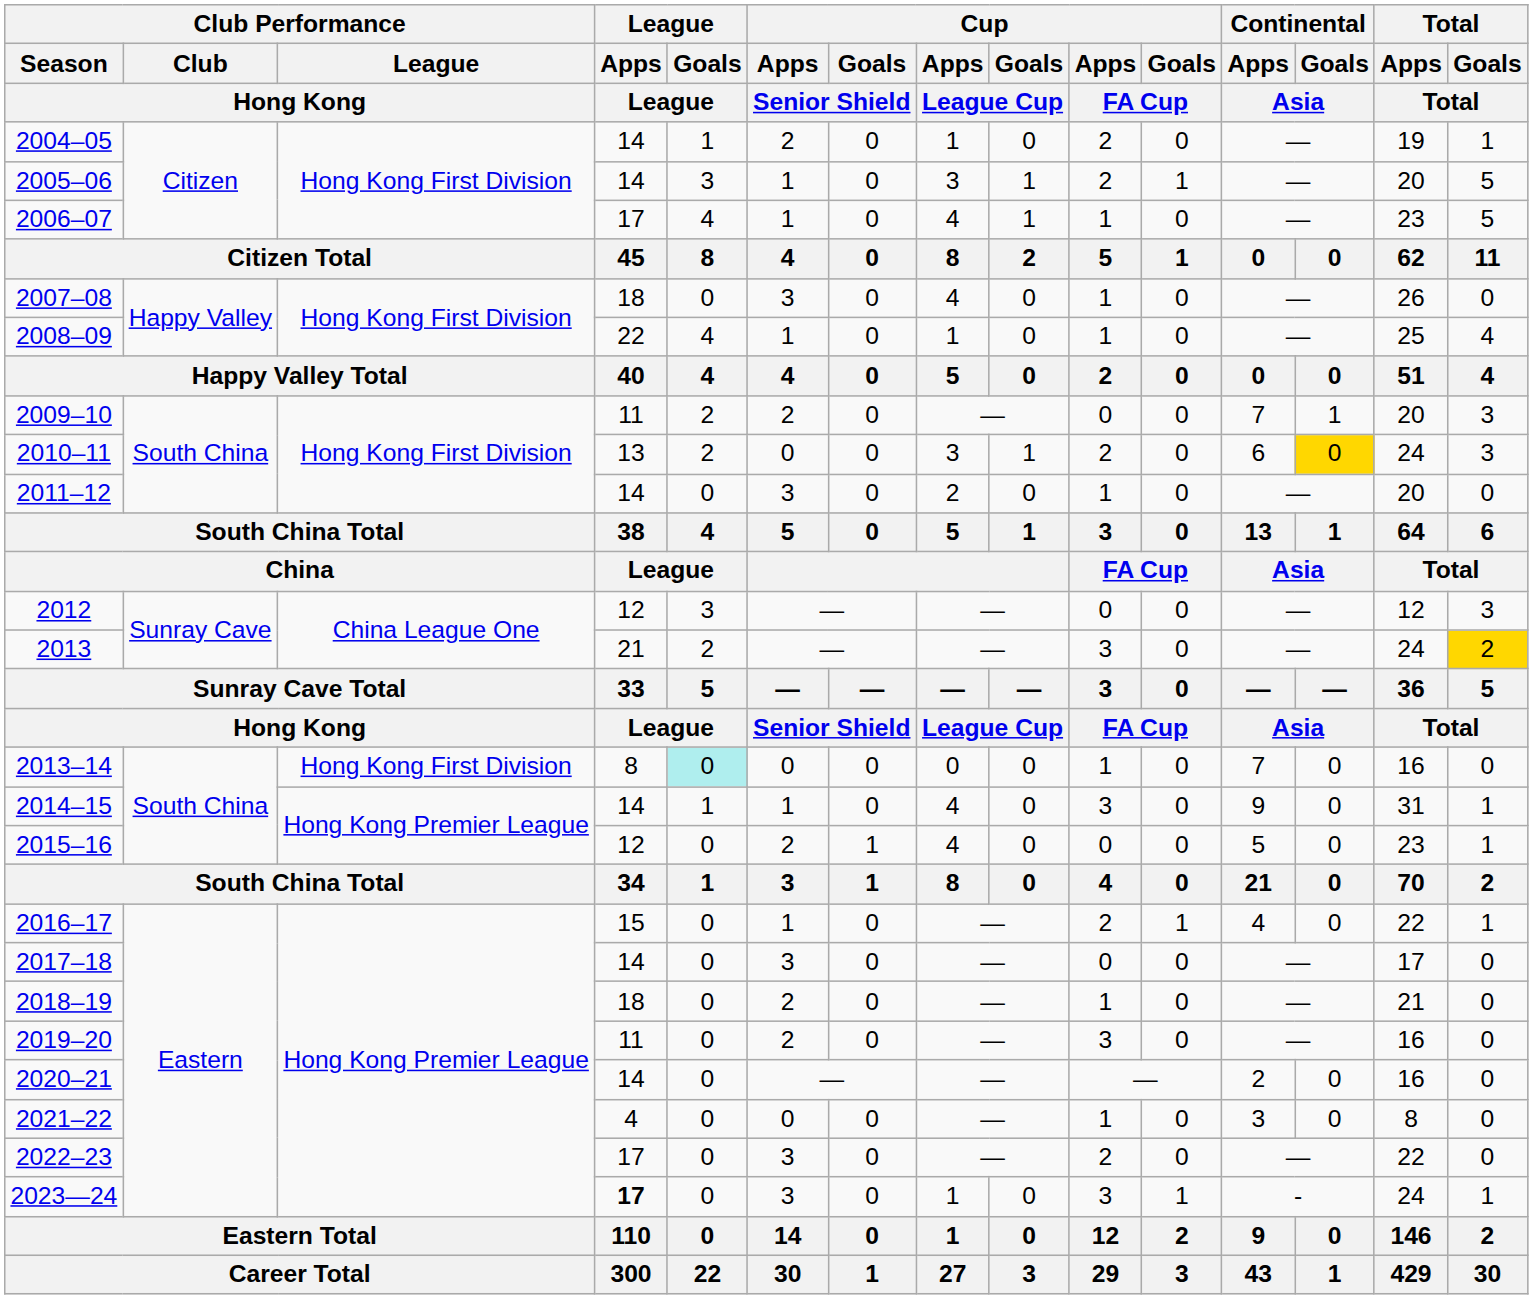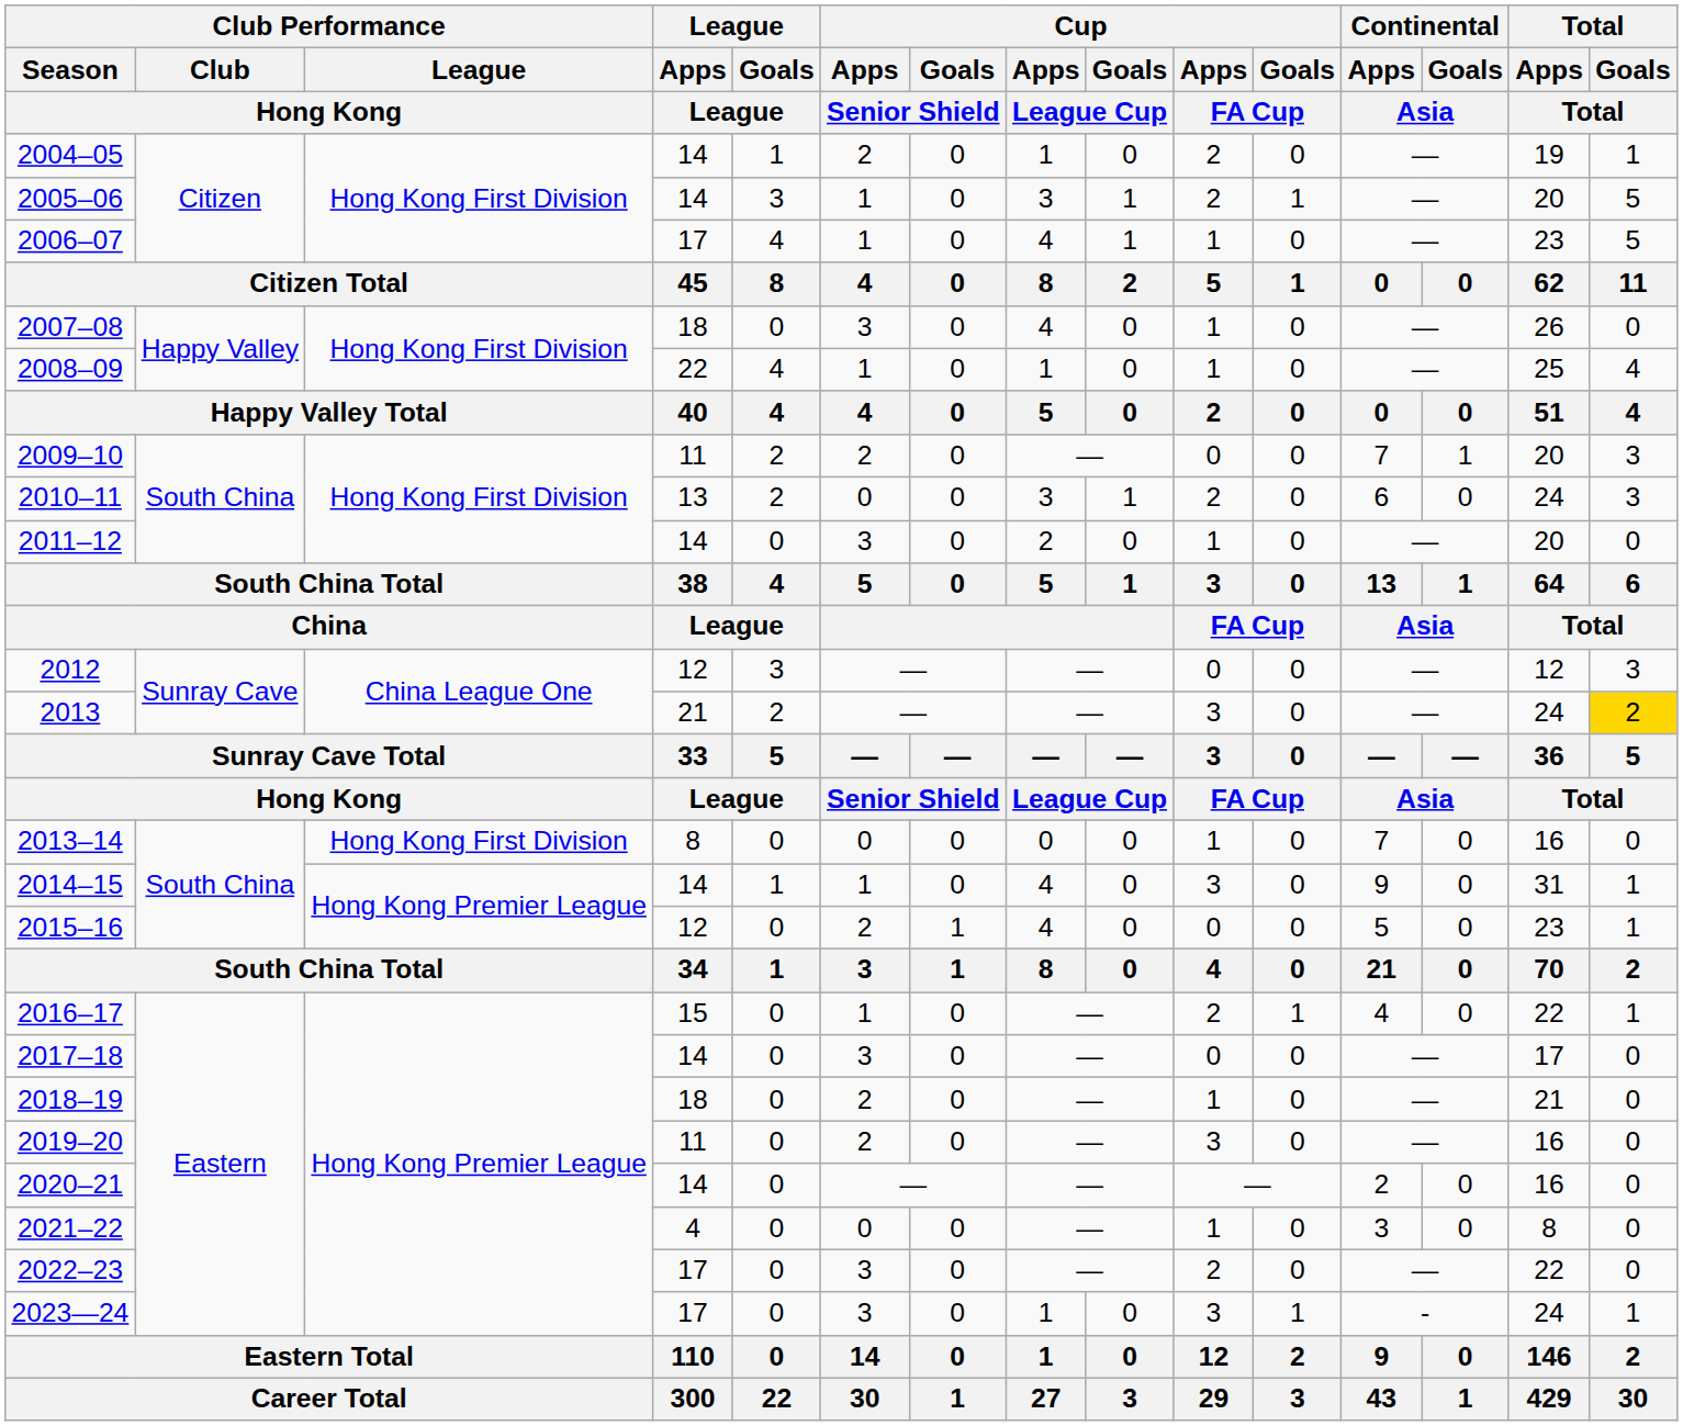 <table class="wikitable" style="text-align: center;">
 <tr>
 <th colspan="3">Club Performance</th>
 <th colspan="2">League</th>
 <th colspan="6">Cup</th>
 <th colspan="2">Continental</th>
 <th colspan="2">Total</th>
 </tr>
 <tr>
 <th>Season</th>
 <th>Club</th>
 <th>League</th>
 <th>Apps</th>
 <th>Goals</th>
 <th>Apps</th>
 <th>Goals</th>
 <th>Apps</th>
 <th>Goals</th>
 <th>Apps</th>
 <th>Goals</th>
 <th>Apps</th>
 <th>Goals</th>
 <th>Apps</th>
 <th>Goals</th>
 </tr>
 <tr>
 <th colspan="3">Hong Kong</th>
 <th colspan="2">League</th>
 <th colspan="2"><a href='#'>Senior Shield</a></th>
 <th colspan="2"><a href='#'>League Cup</a></th>
 <th colspan="2"><a href='#'>FA Cup</a></th>
 <th colspan="2"><a href='#'>Asia</a></th>
 <th colspan="2">Total</th>
 </tr>
 <tr>
 <td><a href='#'>2004–05</a></td>
 <td rowspan="3" valign="center"><a href='#'>Citizen</a></td>
 <td rowspan="3"><a href='#'>Hong Kong First Division</a></td>
 <td>14</td>
 <td>1</td>
 <td>2</td>
 <td>0</td>
 <td>1</td>
 <td>0</td>
 <td>2</td>
 <td>0</td>
 <td colspan="2">—</td>
 <td>19</td>
 <td>1</td>
 </tr>
 <tr>
 <td><a href='#'>2005–06</a></td>
 <td>14</td>
 <td>3</td>
 <td>1</td>
 <td>0</td>
 <td>3</td>
 <td>1</td>
 <td>2</td>
 <td>1</td>
 <td colspan="2">—</td>
 <td>20</td>
 <td>5</td>
 </tr>
 <tr>
 <td><a href='#'>2006–07</a></td>
 <td>17</td>
 <td>4</td>
 <td>1</td>
 <td>0</td>
 <td>4</td>
 <td>1</td>
 <td>1</td>
 <td>0</td>
 <td colspan="2">—</td>
 <td>23</td>
 <td>5</td>
 </tr>
 <tr>
 <th colspan="3">Citizen Total</th>
 <th>45</th>
 <th>8</th>
 <th>4</th>
 <th>0</th>
 <th>8</th>
 <th>2</th>
 <th>5</th>
 <th>1</th>
 <th>0</th>
 <th>0</th>
 <th>62</th>
 <th>11</th>
 </tr>
 <tr>
 <td><a href='#'>2007–08</a></td>
 <td rowspan="2" valign="center"><a href='#'>Happy Valley</a></td>
 <td rowspan="2"><a href='#'>Hong Kong First Division</a></td>
 <td>18</td>
 <td>0</td>
 <td>3</td>
 <td>0</td>
 <td>4</td>
 <td>0</td>
 <td>1</td>
 <td>0</td>
 <td colspan="2">—</td>
 <td>26</td>
 <td>0</td>
 </tr>
 <tr>
 <td><a href='#'>2008–09</a></td>
 <td>22</td>
 <td>4</td>
 <td>1</td>
 <td>0</td>
 <td>1</td>
 <td>0</td>
 <td>1</td>
 <td>0</td>
 <td colspan="2">—</td>
 <td>25</td>
 <td>4</td>
 </tr>
 <tr>
 <th colspan="3">Happy Valley Total</th>
 <th>40</th>
 <th>4</th>
 <th>4</th>
 <th>0</th>
 <th>5</th>
 <th>0</th>
 <th>2</th>
 <th>0</th>
 <th>0</th>
 <th>0</th>
 <th>51</th>
 <th>4</th>
 </tr>
 <tr>
 <td><a href='#'>2009–10</a></td>
 <td rowspan="3" valign="center"><a href='#'>South China</a></td>
 <td rowspan="3"><a href='#'>Hong Kong First Division</a></td>
 <td>11</td>
 <td>2</td>
 <td>2</td>
 <td>0</td>
 <td colspan="2">—</td>
 <td>0</td>
 <td>0</td>
 <td>7</td>
 <td>1</td>
 <td>20</td>
 <td>3</td>
 </tr>
 <tr>
 <td><a href='#'>2010–11</a></td>
 <td>13</td>
 <td>2</td>
 <td>0</td>
 <td>0</td>
 <td>3</td>
 <td>1</td>
 <td>2</td>
 <td>0</td>
 <td>6</td>
-<td style="background: gold;">0</td>
+<td>0</td>
 <td>24</td>
 <td>3</td>
 </tr>
 <tr>
 <td><a href='#'>2011–12</a></td>
 <td>14</td>
 <td>0</td>
 <td>3</td>
 <td>0</td>
 <td>2</td>
 <td>0</td>
 <td>1</td>
 <td>0</td>
 <td colspan="2">—</td>
 <td>20</td>
 <td>0</td>
 </tr>
 <tr>
 <th colspan="3">South China Total</th>
 <th>38</th>
 <th>4</th>
 <th>5</th>
 <th>0</th>
 <th>5</th>
 <th>1</th>
 <th>3</th>
 <th>0</th>
 <th>13</th>
 <th>1</th>
 <th>64</th>
 <th>6</th>
 </tr>
 <tr>
 <th colspan="3">China</th>
 <th colspan="2">League</th>
 <th colspan="4"></th>
 <th colspan="2"><a href='#'>FA Cup</a></th>
 <th colspan="2"><a href='#'>Asia</a></th>
 <th colspan="2">Total</th>
 </tr>
 <tr>
 <td><a href='#'>2012</a></td>
 <td rowspan="2" valign="center"><a href='#'>Sunray Cave</a></td>
 <td rowspan="2" valign="center"><a href='#'>China League One</a></td>
 <td>12</td>
 <td>3</td>
 <td colspan="2">—</td>
 <td colspan="2">—</td>
 <td>0</td>
 <td>0</td>
 <td colspan="2">—</td>
 <td>12</td>
 <td>3</td>
 </tr>
 <tr>
 <td><a href='#'>2013</a></td>
 <td>21</td>
 <td>2</td>
 <td colspan="2">—</td>
 <td colspan="2">—</td>
 <td>3</td>
 <td>0</td>
 <td colspan="2">—</td>
 <td>24</td>
 <td style="background: gold;">2</td>
 </tr>
 <tr>
 <th colspan="3">Sunray Cave Total</th>
 <th>33</th>
 <th>5</th>
 <th>—</th>
 <th>—</th>
 <th>—</th>
 <th>—</th>
 <th>3</th>
 <th>0</th>
 <th>—</th>
 <th>—</th>
 <th>36</th>
 <th>5</th>
 </tr>
 <tr>
 <th colspan="3">Hong Kong</th>
 <th colspan="2">League</th>
 <th colspan="2"><a href='#'>Senior Shield</a></th>
 <th colspan="2"><a href='#'>League Cup</a></th>
 <th colspan="2"><a href='#'>FA Cup</a></th>
 <th colspan="2"><a href='#'>Asia</a></th>
 <th colspan="2">Total</th>
 </tr>
 <tr>
 <td><a href='#'>2013–14</a></td>
 <td rowspan="3" valign="center"><a href='#'>South China</a></td>
 <td rowspan="1"><a href='#'>Hong Kong First Division</a></td>
 <td>8</td>
-<td style="background: paleturquoise;">0</td>
+<td>0</td>
 <td>0</td>
 <td>0</td>
 <td>0</td>
 <td>0</td>
 <td>1</td>
 <td>0</td>
 <td>7</td>
 <td>0</td>
 <td>16</td>
 <td>0</td>
 </tr>
 <tr>
 <td><a href='#'>2014–15</a></td>
 <td rowspan="2"><a href='#'>Hong Kong Premier League</a></td>
 <td>14</td>
 <td>1</td>
 <td>1</td>
 <td>0</td>
 <td>4</td>
 <td>0</td>
 <td>3</td>
 <td>0</td>
 <td>9</td>
 <td>0</td>
 <td>31</td>
 <td>1</td>
 </tr>
 <tr>
 <td><a href='#'>2015–16</a></td>
 <td>12</td>
 <td>0</td>
 <td>2</td>
 <td>1</td>
 <td>4</td>
 <td>0</td>
 <td>0</td>
 <td>0</td>
 <td>5</td>
 <td>0</td>
 <td>23</td>
 <td>1</td>
 </tr>
 <tr>
 <th colspan="3">South China Total</th>
 <th>34</th>
 <th>1</th>
 <th>3</th>
 <th>1</th>
 <th>8</th>
 <th>0</th>
 <th>4</th>
 <th>0</th>
 <th>21</th>
 <th>0</th>
 <th>70</th>
 <th>2</th>
 </tr>
 <tr>
 <td><a href='#'>2016–17</a></td>
 <td rowspan="8" valign="center"><a href='#'>Eastern</a></td>
 <td rowspan="8"><a href='#'>Hong Kong Premier League</a></td>
 <td>15</td>
 <td>0</td>
 <td>1</td>
 <td>0</td>
 <td colspan="2">—</td>
 <td>2</td>
 <td>1</td>
 <td>4</td>
 <td>0</td>
 <td>22</td>
 <td>1</td>
 </tr>
 <tr>
 <td><a href='#'>2017–18</a></td>
 <td>14</td>
 <td>0</td>
 <td>3</td>
 <td>0</td>
 <td colspan="2">—</td>
 <td>0</td>
 <td>0</td>
 <td colspan="2">—</td>
 <td>17</td>
 <td>0</td>
 </tr>
 <tr>
 <td><a href='#'>2018–19</a></td>
 <td>18</td>
 <td>0</td>
 <td>2</td>
 <td>0</td>
 <td colspan="2">—</td>
 <td>1</td>
 <td>0</td>
 <td colspan="2">—</td>
 <td>21</td>
 <td>0</td>
 </tr>
 <tr>
 <td><a href='#'>2019–20</a></td>
 <td>11</td>
 <td>0</td>
 <td>2</td>
 <td>0</td>
 <td colspan="2">—</td>
 <td>3</td>
 <td>0</td>
 <td colspan="2">—</td>
 <td>16</td>
 <td>0</td>
 </tr>
 <tr>
 <td><a href='#'>2020–21</a></td>
 <td>14</td>
 <td>0</td>
 <td colspan=2>—</td>
 <td colspan=2>—</td>
 <td colspan=2>—</td>
 <td>2</td>
 <td>0</td>
 <td>16</td>
 <td>0</td>
 </tr>
 <tr>
 <td><a href='#'>2021–22</a></td>
 <td>4</td>
 <td>0</td>
 <td>0</td>
 <td>0</td>
 <td colspan=2>—</td>
 <td>1</td>
 <td>0</td>
 <td>3</td>
 <td>0</td>
 <td>8</td>
 <td>0</td>
 </tr>
 <tr>
 <td><a href='#'>2022–23</a></td>
 <td>17</td>
 <td>0</td>
 <td>3</td>
 <td>0</td>
 <td colspan=2>—</td>
 <td>2</td>
 <td>0</td>
 <td colspan=2>—</td>
 <td>22</td>
 <td>0</td>
 </tr>
 <tr>
 <td><a href='#'>2023—24</a></td>
-<td><strong>17</strong></td>
+<td>17</td>
 <td>0</td>
 <td>3</td>
 <td>0</td>
 <td>1</td>
 <td>0</td>
 <td>3</td>
 <td>1</td>
 <td colspan=2>-</td>
 <td>24</td>
 <td>1</td>
 </tr>
 <tr>
 <th colspan="3">Eastern Total</th>
 <th>110</th>
 <th>0</th>
 <th>14</th>
 <th>0</th>
 <th>1</th>
 <th>0</th>
 <th>12</th>
 <th>2</th>
 <th>9</th>
 <th>0</th>
 <th>146</th>
 <th>2</th>
 </tr>
 <tr>
 <th colspan="3">Career Total</th>
 <th>300</th>
 <th>22</th>
 <th>30</th>
 <th>1</th>
 <th>27</th>
 <th>3</th>
 <th>29</th>
 <th>3</th>
 <th>43</th>
 <th>1</th>
 <th>429</th>
 <th>30</th>
 </tr>
 </table>
